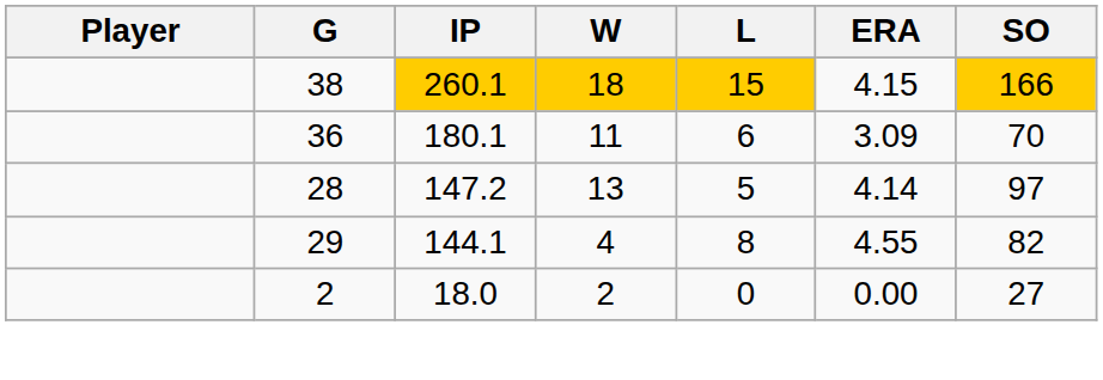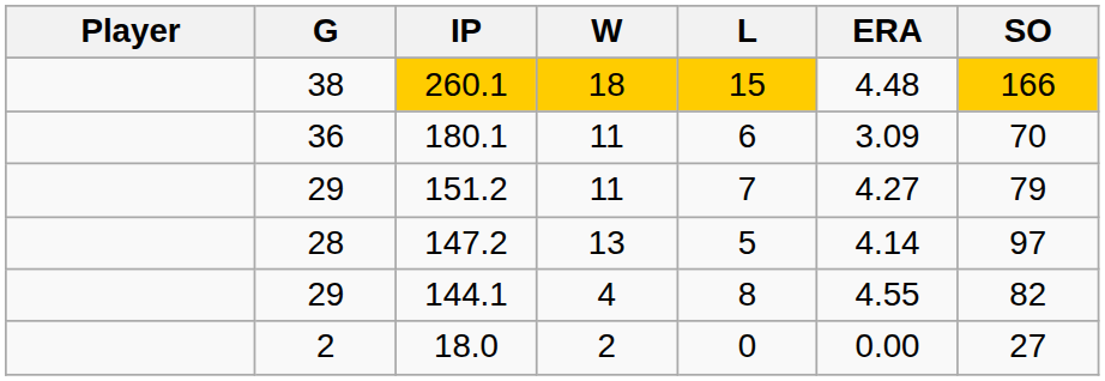 <table class="wikitable sortable">
 <tr>
 <th bgcolor="#DDDDFF" width="16%">Player</th>
 <th bgcolor="#DDDDFF" width="9%">G</th>
 <th bgcolor="#DDDDFF" width="9%">IP</th>
 <th bgcolor="#DDDDFF" width="9%">W</th>
 <th bgcolor="#DDDDFF" width="9%">L</th>
 <th bgcolor="#DDDDFF" width="9%">ERA</th>
 <th bgcolor="#DDDDFF" width="9%">SO</th>
 </tr>
 <tr align="center">
 <td></td>
 <td>38</td>
 <td style="background:#fc0;">260.1</td>
 <td style="background:#fc0;">18</td>
 <td style="background:#fc0;">15</td>
-<td>4.15</td>
+<td>4.48</td>
 <td style="background:#fc0;">166</td>
 </tr>
 <tr align="center">
 <td></td>
 <td>36</td>
 <td>180.1</td>
 <td>11</td>
 <td>6</td>
 <td>3.09</td>
 <td>70</td>
+</tr>
+<tr align="center">
+<td></td>
+<td>29</td>
+<td>151.2</td>
+<td>11</td>
+<td>7</td>
+<td>4.27</td>
+<td>79</td>
 </tr>
 <tr align="center">
 <td></td>
 <td>28</td>
 <td>147.2</td>
 <td>13</td>
 <td>5</td>
 <td>4.14</td>
 <td>97</td>
 </tr>
 <tr align="center">
 <td></td>
 <td>29</td>
 <td>144.1</td>
 <td>4</td>
 <td>8</td>
 <td>4.55</td>
 <td>82</td>
 </tr>
 <tr align="center">
 <td></td>
 <td>2</td>
 <td>18.0</td>
 <td>2</td>
 <td>0</td>
 <td>0.00</td>
 <td>27</td>
 </tr>
 </table>
